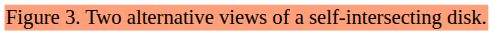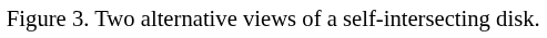 <table>
 <tr>
 <td></td>
 </tr>
 <tr>
-<td align=center style="background: lightsalmon;">Figure 3. Two alternative views of a self-intersecting disk.</td>
+<td align=center>Figure 3. Two alternative views of a self-intersecting disk.</td>
 </tr>
 </table>
